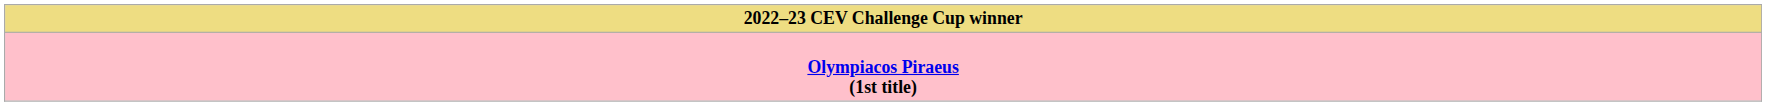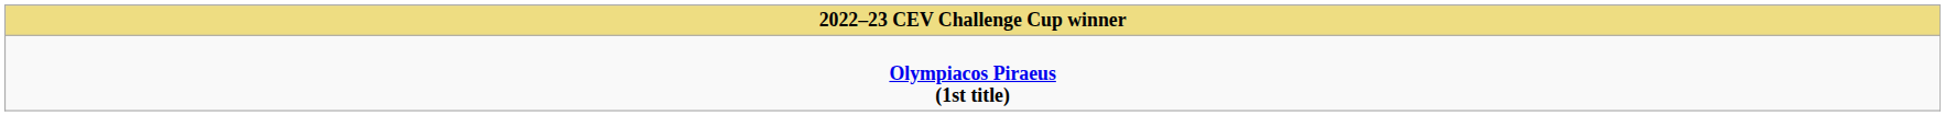 <table class="wikitable" style="margin: 0 auto; width: 100%;">
 <tr>
 <th style="background-color: #eedd82"!>2022–23 CEV Challenge Cup winner</th>
 </tr>
 <tr>
-<td align="center" style="background: pink;"><br><strong><a href='#'>Olympiacos Piraeus</a></strong><br><strong>(1st title)</strong></td>
+<td align="center"><br><strong><a href='#'>Olympiacos Piraeus</a></strong><br><strong>(1st title)</strong></td>
 </tr>
 </table>
